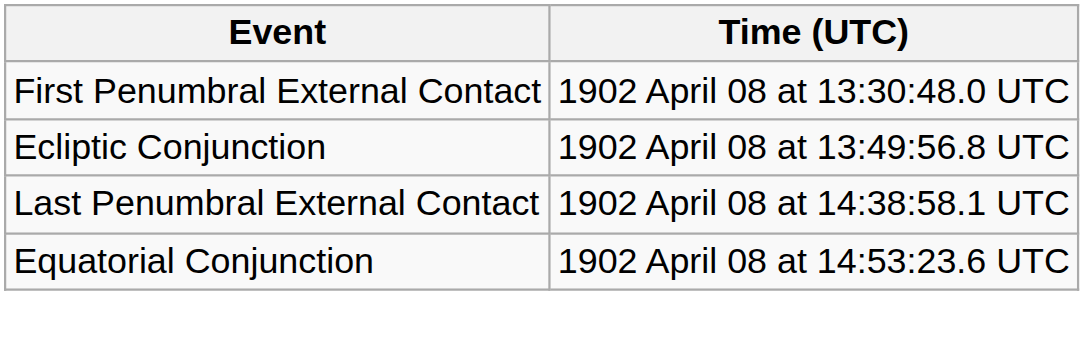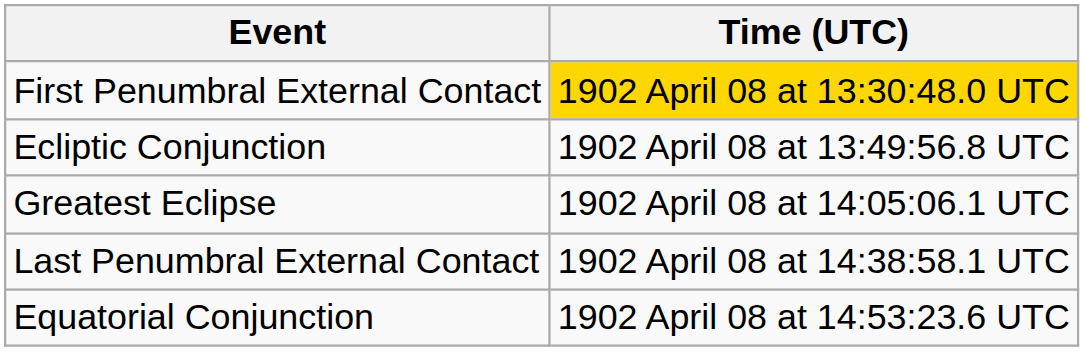 <table class="wikitable">
 <tr>
 <th>Event</th>
 <th>Time (UTC)</th>
 </tr>
 <tr>
 <td>First Penumbral External Contact</td>
-<td>1902 April 08 at 13:30:48.0 UTC</td>
+<td style="background: gold;">1902 April 08 at 13:30:48.0 UTC</td>
 </tr>
 <tr>
 <td>Ecliptic Conjunction</td>
 <td>1902 April 08 at 13:49:56.8 UTC</td>
+</tr>
+<tr>
+<td>Greatest Eclipse</td>
+<td>1902 April 08 at 14:05:06.1 UTC</td>
 </tr>
 <tr>
 <td>Last Penumbral External Contact</td>
 <td>1902 April 08 at 14:38:58.1 UTC</td>
 </tr>
 <tr>
 <td>Equatorial Conjunction</td>
 <td>1902 April 08 at 14:53:23.6 UTC</td>
 </tr>
 </table>
